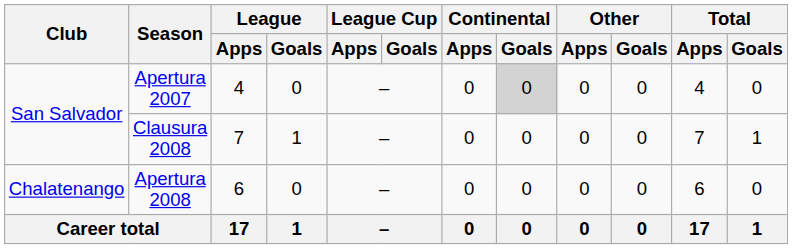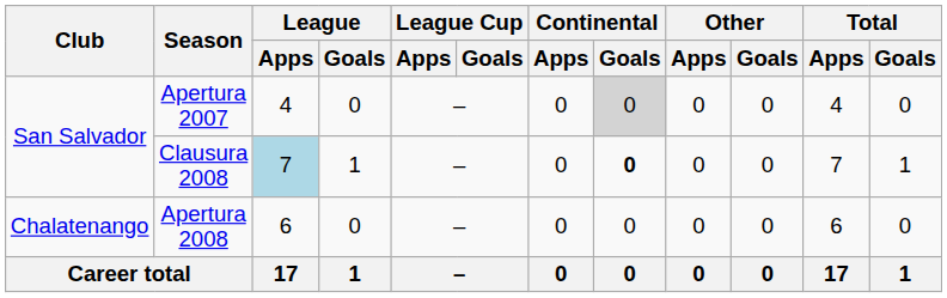 <table class="wikitable" style="text-align: center;">
 <tr>
 <th rowspan="2">Club</th>
 <th rowspan="2">Season</th>
 <th colspan="2">League</th>
 <th colspan="2">League Cup</th>
 <th colspan="2">Continental</th>
 <th colspan="2">Other</th>
 <th colspan="2">Total</th>
 </tr>
 <tr>
 <th>Apps</th>
 <th>Goals</th>
 <th>Apps</th>
 <th>Goals</th>
 <th>Apps</th>
 <th>Goals</th>
 <th>Apps</th>
 <th>Goals</th>
 <th>Apps</th>
 <th>Goals</th>
 </tr>
 <tr>
 <td rowspan="2" valign="center"><a href='#'>San Salvador</a></td>
 <td><a href='#'>Apertura 2007</a></td>
 <td>4</td>
 <td>0</td>
 <td colspan="2">–</td>
 <td>0</td>
 <td style="background: lightgrey;">0</td>
 <td>0</td>
 <td>0</td>
 <td>4</td>
 <td>0</td>
 </tr>
 <tr>
 <td><a href='#'>Clausura 2008</a></td>
-<td>7</td>
+<td style="background: lightblue;">7</td>
 <td>1</td>
 <td colspan="2">–</td>
 <td>0</td>
-<td>0</td>
+<td><strong>0</strong></td>
 <td>0</td>
 <td>0</td>
 <td>7</td>
 <td>1</td>
 </tr>
 <tr>
 <td rowspan="1" valign="center"><a href='#'>Chalatenango</a></td>
 <td><a href='#'>Apertura 2008</a></td>
 <td>6</td>
 <td>0</td>
 <td colspan="2">–</td>
 <td>0</td>
 <td>0</td>
 <td>0</td>
 <td>0</td>
 <td>6</td>
 <td>0</td>
 </tr>
 <tr>
 <th colspan="2">Career total</th>
 <th>17</th>
 <th>1</th>
 <th colspan="2">–</th>
 <th>0</th>
 <th>0</th>
 <th>0</th>
 <th>0</th>
 <th>17</th>
 <th>1</th>
 </tr>
 </table>
